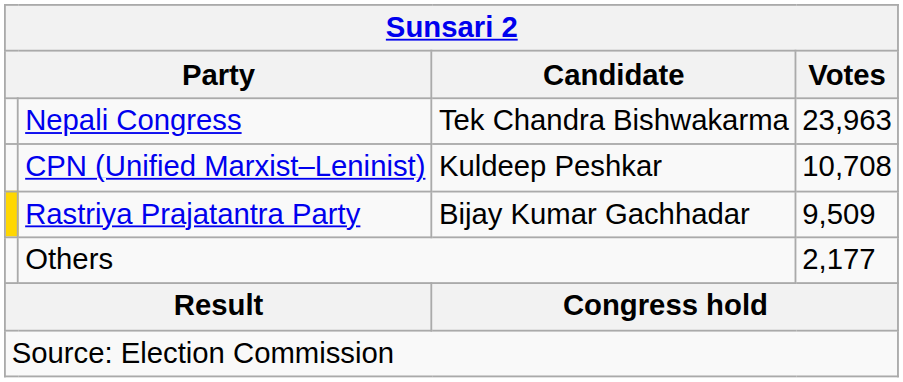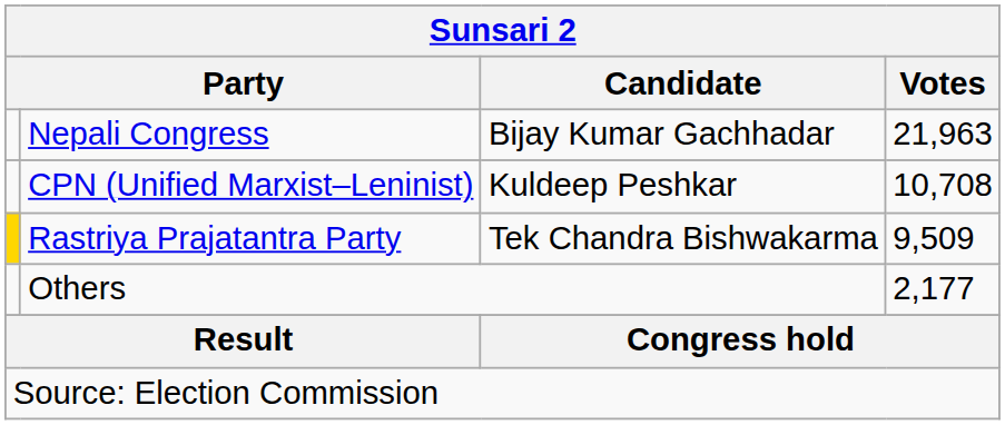 <table class="wikitable">
 <tr>
 <th colspan="4"><a href='#'>Sunsari 2</a></th>
 </tr>
 <tr>
 <th colspan="2">Party</th>
 <th>Candidate</th>
 <th>Votes</th>
 </tr>
 <tr>
 <td style="background-color:"></td>
 <td><a href='#'>Nepali Congress</a></td>
-<td>Tek Chandra Bishwakarma</td>
-<td>23,963</td>
+<td>Bijay Kumar Gachhadar</td>
+<td>21,963</td>
 </tr>
 <tr>
 <td style="background-color:"></td>
 <td><a href='#'>CPN (Unified Marxist–Leninist)</a></td>
 <td>Kuldeep Peshkar</td>
 <td>10,708</td>
 </tr>
 <tr>
 <td style="background-color:gold"></td>
 <td><a href='#'>Rastriya Prajatantra Party</a></td>
-<td>Bijay Kumar Gachhadar</td>
+<td>Tek Chandra Bishwakarma</td>
 <td>9,509</td>
 </tr>
 <tr>
 <td></td>
 <td colspan="2">Others</td>
 <td>2,177</td>
 </tr>
 <tr>
 <th colspan="2">Result</th>
 <th colspan="2">Congress hold</th>
 </tr>
 <tr>
 <td colspan="4">Source: Election Commission</td>
 </tr>
 </table>
